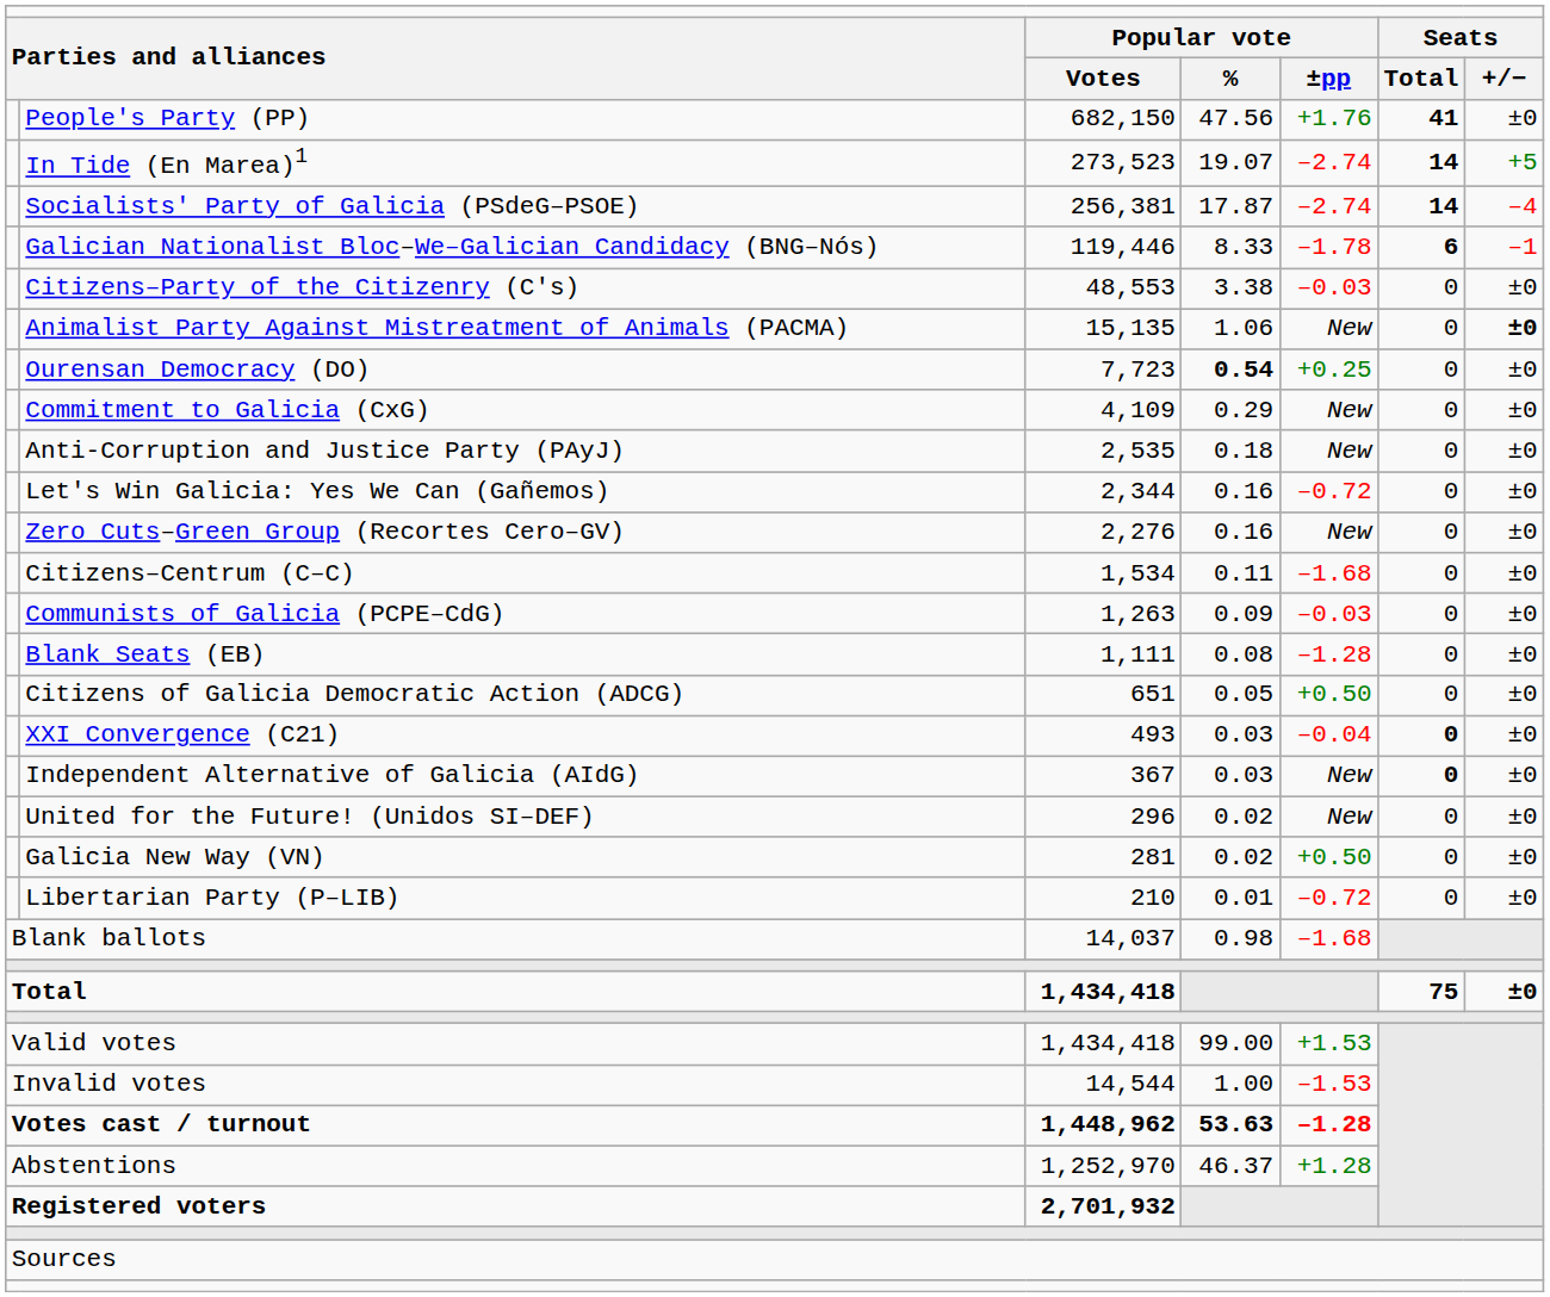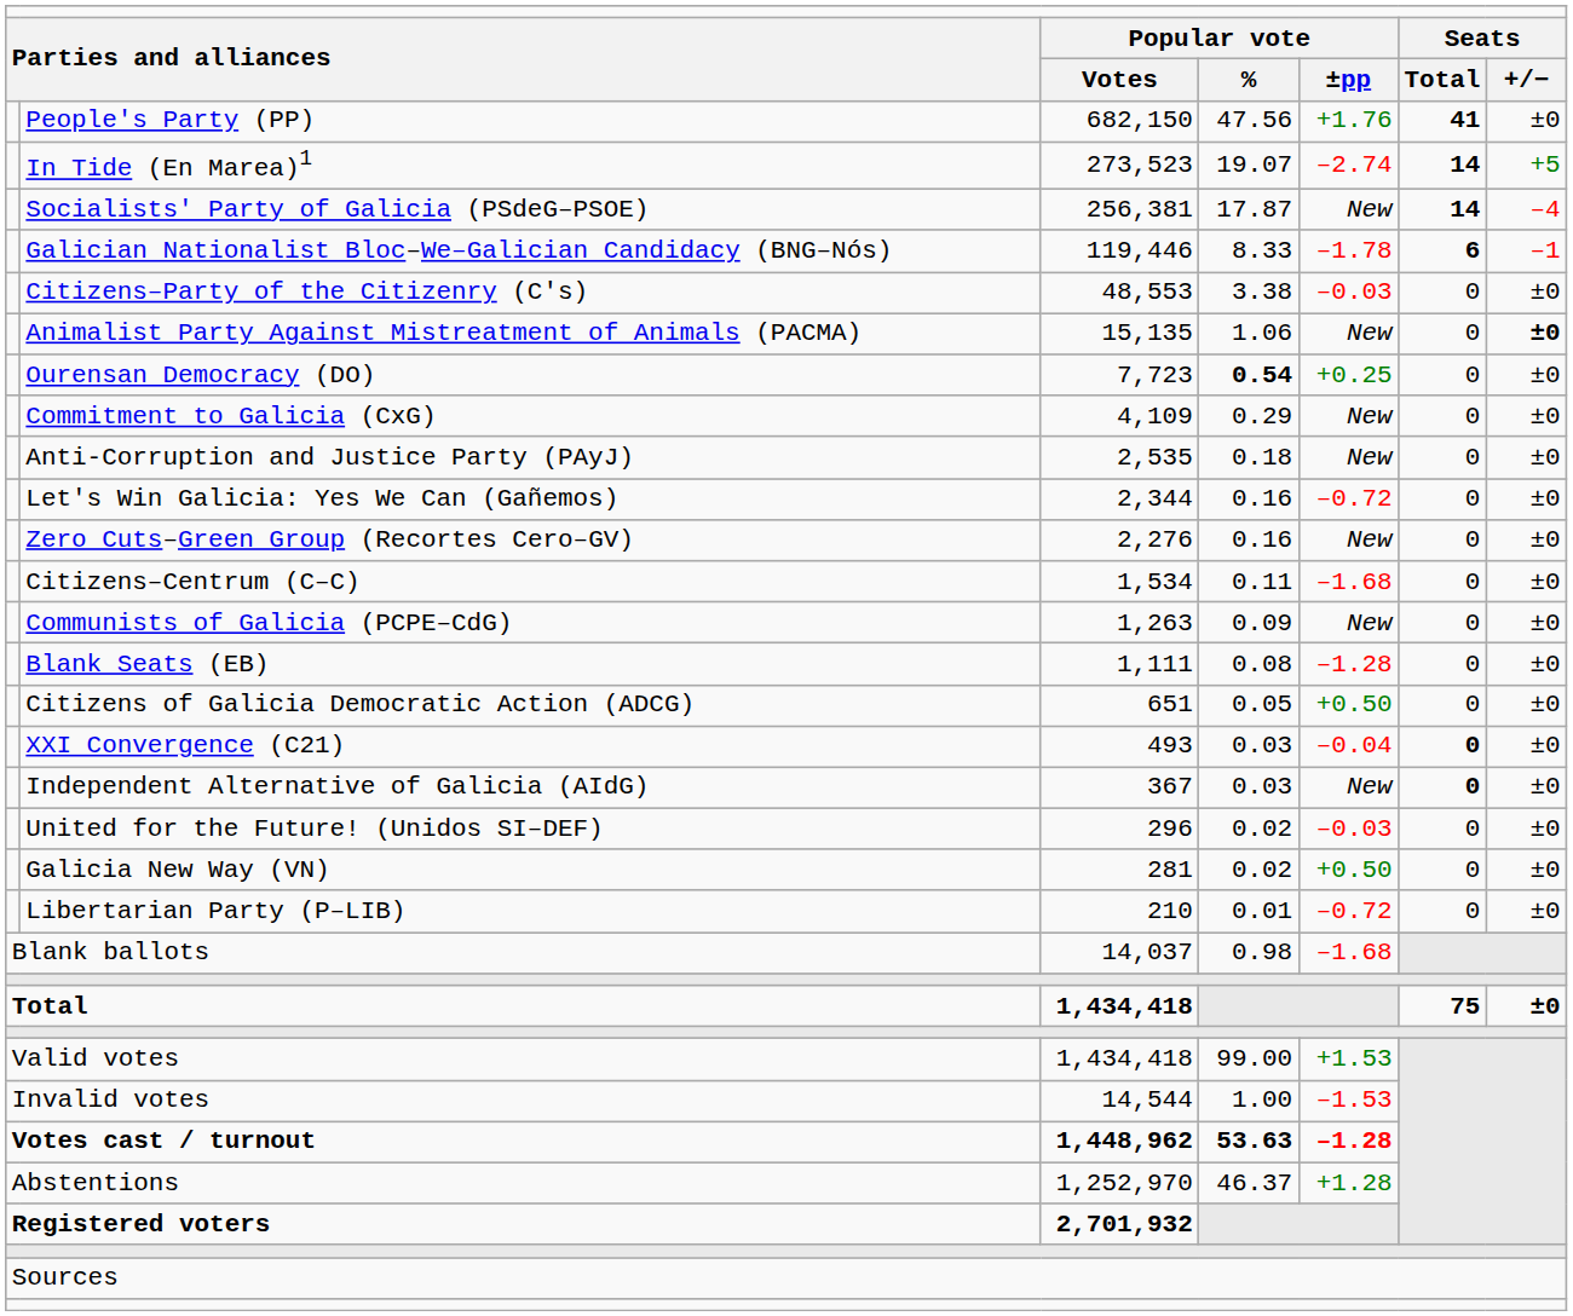 <table class="wikitable" style="text-align:right;">
 <tr>
 <td colspan="7"></td>
 </tr>
 <tr>
 <th style="text-align:left;" rowspan="2" colspan="2" width="525">Parties and alliances</th>
 <th colspan="3">Popular vote</th>
 <th colspan="2">Seats</th>
 </tr>
 <tr>
 <th width="75">Votes</th>
 <th width="45">%</th>
 <th width="45">±<a href='#'>pp</a></th>
 <th width="35">Total</th>
 <th width="35">+/−</th>
 </tr>
 <tr>
 <td width="1" style="color:inherit;background:"></td>
 <td align="left"><a href='#'>People's Party</a> (PP)</td>
 <td>682,150</td>
 <td>47.56</td>
 <td style="color:green;">+1.76</td>
 <td><strong>41</strong></td>
 <td>±0</td>
 </tr>
 <tr>
 <td style="color:inherit;background:"></td>
 <td align="left"><a href='#'>In Tide</a> (En Marea)<sup>1</sup></td>
 <td>273,523</td>
 <td>19.07</td>
 <td style="color:red;">–2.74</td>
 <td><strong>14</strong></td>
 <td style="color:green;">+5</td>
 </tr>
 <tr>
 <td style="color:inherit;background:"></td>
 <td align="left"><a href='#'>Socialists' Party of Galicia</a> (PSdeG–PSOE)</td>
 <td>256,381</td>
 <td>17.87</td>
-<td style="color:red;">–2.74</td>
+<td><em>New</em></td>
 <td><strong>14</strong></td>
 <td style="color:red;">–4</td>
 </tr>
 <tr>
 <td style="color:inherit;background:"></td>
 <td align="left"><a href='#'>Galician Nationalist Bloc</a>–<a href='#'>We–Galician Candidacy</a> (BNG–Nós)</td>
 <td>119,446</td>
 <td>8.33</td>
 <td style="color:red;">–1.78</td>
 <td><strong>6</strong></td>
 <td style="color:red;">–1</td>
 </tr>
 <tr>
 <td style="color:inherit;background:"></td>
 <td align="left"><a href='#'>Citizens–Party of the Citizenry</a> (C's)</td>
 <td>48,553</td>
 <td>3.38</td>
 <td style="color:red;">–0.03</td>
 <td>0</td>
 <td>±0</td>
 </tr>
 <tr>
 <td style="color:inherit;background:"></td>
 <td align="left"><a href='#'>Animalist Party Against Mistreatment of Animals</a> (PACMA)</td>
 <td>15,135</td>
 <td>1.06</td>
 <td><em>New</em></td>
 <td>0</td>
 <td><strong>±0</strong></td>
 </tr>
 <tr>
 <td style="color:inherit;background:"></td>
 <td align="left"><a href='#'>Ourensan Democracy</a> (DO)</td>
 <td>7,723</td>
 <td><strong>0.54</strong></td>
 <td style="color:green;">+0.25</td>
 <td>0</td>
 <td>±0</td>
 </tr>
 <tr>
 <td style="color:inherit;background:"></td>
 <td align="left"><a href='#'>Commitment to Galicia</a> (CxG)</td>
 <td>4,109</td>
 <td>0.29</td>
 <td><em>New</em></td>
 <td>0</td>
 <td>±0</td>
 </tr>
 <tr>
 <td style="color:inherit;background:"></td>
 <td align="left">Anti-Corruption and Justice Party (PAyJ)</td>
 <td>2,535</td>
 <td>0.18</td>
 <td><em>New</em></td>
 <td>0</td>
 <td>±0</td>
 </tr>
 <tr>
 <td style="color:inherit;background:"></td>
 <td align="left">Let's Win Galicia: Yes We Can (Gañemos)</td>
 <td>2,344</td>
 <td>0.16</td>
 <td style="color:red;">–0.72</td>
 <td>0</td>
 <td>±0</td>
 </tr>
 <tr>
 <td style="color:inherit;background:"></td>
 <td align="left"><a href='#'>Zero Cuts</a>–<a href='#'>Green Group</a> (Recortes Cero–GV)</td>
 <td>2,276</td>
 <td>0.16</td>
 <td><em>New</em></td>
 <td>0</td>
 <td>±0</td>
 </tr>
 <tr>
 <td style="color:inherit;background:"></td>
 <td align="left">Citizens–Centrum (C–C)</td>
 <td>1,534</td>
 <td>0.11</td>
 <td style="color:red;">–1.68</td>
 <td>0</td>
 <td>±0</td>
 </tr>
 <tr>
 <td style="color:inherit;background:"></td>
 <td align="left"><a href='#'>Communists of Galicia</a> (PCPE–CdG)</td>
 <td>1,263</td>
 <td>0.09</td>
-<td style="color:red;">–0.03</td>
+<td><em>New</em></td>
 <td>0</td>
 <td>±0</td>
 </tr>
 <tr>
 <td style="color:inherit;background:"></td>
 <td align="left"><a href='#'>Blank Seats</a> (EB)</td>
 <td>1,111</td>
 <td>0.08</td>
 <td style="color:red;">–1.28</td>
 <td>0</td>
 <td>±0</td>
 </tr>
 <tr>
 <td style="color:inherit;background:"></td>
 <td align="left">Citizens of Galicia Democratic Action (ADCG)</td>
 <td>651</td>
 <td>0.05</td>
 <td style="color:green;">+0.50</td>
 <td>0</td>
 <td>±0</td>
 </tr>
 <tr>
 <td style="color:inherit;background:"></td>
 <td align="left"><a href='#'>XXI Convergence</a> (C21)</td>
 <td>493</td>
 <td>0.03</td>
 <td style="color:red;">–0.04</td>
 <td><strong>0</strong></td>
 <td>±0</td>
 </tr>
 <tr>
 <td style="color:inherit;background:"></td>
 <td align="left">Independent Alternative of Galicia (AIdG)</td>
 <td>367</td>
 <td>0.03</td>
 <td><em>New</em></td>
 <td><strong>0</strong></td>
 <td>±0</td>
 </tr>
 <tr>
 <td style="color:inherit;background:"></td>
 <td align="left">United for the Future! (Unidos SI–DEF)</td>
 <td>296</td>
 <td>0.02</td>
-<td><em>New</em></td>
+<td style="color:red;">–0.03</td>
 <td>0</td>
 <td>±0</td>
 </tr>
 <tr>
 <td style="color:inherit;background:"></td>
 <td align="left">Galicia New Way (VN)</td>
 <td>281</td>
 <td>0.02</td>
 <td style="color:green;">+0.50</td>
 <td>0</td>
 <td>±0</td>
 </tr>
 <tr>
 <td style="color:inherit;background:"></td>
 <td align="left">Libertarian Party (P–LIB)</td>
 <td>210</td>
 <td>0.01</td>
 <td style="color:red;">–0.72</td>
 <td>0</td>
 <td>±0</td>
 </tr>
 <tr>
 <td align="left" colspan="2">Blank ballots</td>
 <td>14,037</td>
 <td>0.98</td>
 <td style="color:red;">–1.68</td>
 <td bgcolor="#E9E9E9" colspan="2"></td>
 </tr>
 <tr>
 <td colspan="7" bgcolor="#E9E9E9"></td>
 </tr>
 <tr style="font-weight:bold;">
 <td align="left" colspan="2">Total</td>
 <td>1,434,418</td>
 <td bgcolor="#E9E9E9" colspan="2"></td>
 <td>75</td>
 <td>±0</td>
 </tr>
 <tr>
 <td colspan="7" bgcolor="#E9E9E9"></td>
 </tr>
 <tr>
 <td align="left" colspan="2">Valid votes</td>
 <td>1,434,418</td>
 <td>99.00</td>
 <td style="color:green;">+1.53</td>
 <td bgcolor="#E9E9E9" colspan="2" rowspan="5"></td>
 </tr>
 <tr>
 <td align="left" colspan="2">Invalid votes</td>
 <td>14,544</td>
 <td>1.00</td>
 <td style="color:red;">–1.53</td>
 </tr>
 <tr style="font-weight:bold;">
 <td align="left" colspan="2">Votes cast / turnout</td>
 <td>1,448,962</td>
 <td>53.63</td>
 <td style="color:red;">–1.28</td>
 </tr>
 <tr>
 <td align="left" colspan="2">Abstentions</td>
 <td>1,252,970</td>
 <td>46.37</td>
 <td style="color:green;">+1.28</td>
 </tr>
 <tr style="font-weight:bold;">
 <td align="left" colspan="2">Registered voters</td>
 <td>2,701,932</td>
 <td bgcolor="#E9E9E9" colspan="2"></td>
 </tr>
 <tr>
 <td colspan="7" bgcolor="#E9E9E9"></td>
 </tr>
 <tr>
 <td align="left" colspan="7">Sources</td>
 </tr>
 <tr>
 <td colspan="7" style="text-align:left; max-width:790px;"></td>
 </tr>
 </table>
